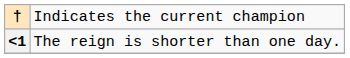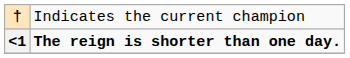 <table class="wikitable">
 <tr>
 <th style="background-color:#ffe6bd">†</th>
 <td>Indicates the current champion</td>
 </tr>
 <tr>
 <th><1</th>
-<td>The reign is shorter than one day.</td>
+<td><strong>The reign is shorter than one day.</strong></td>
 </tr>
 <tr>
 </tr>
 </table>
